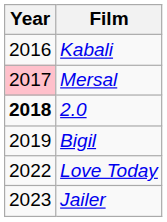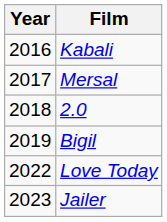 <table class="wikitable">
 <tr>
 <th>Year</th>
 <th>Film</th>
 </tr>
 <tr>
 <td>2016</td>
 <td><em><a href='#'>Kabali</a></em></td>
 </tr>
 <tr>
-<td style="background: pink;">2017</td>
+<td>2017</td>
 <td><em><a href='#'>Mersal</a></em></td>
 </tr>
 <tr>
-<td><strong>2018</strong></td>
+<td>2018</td>
 <td><em><a href='#'>2.0</a></em></td>
 </tr>
 <tr>
 <td>2019</td>
 <td><em><a href='#'>Bigil</a></em></td>
 </tr>
 <tr>
 <td>2022</td>
 <td><em><a href='#'>Love Today</a></em></td>
 </tr>
 <tr>
 <td>2023</td>
 <td><em><a href='#'>Jailer</a></em></td>
 </tr>
 </table>
